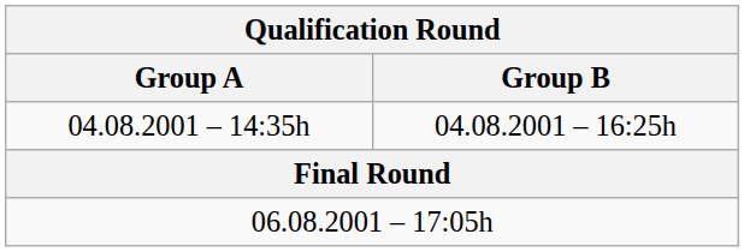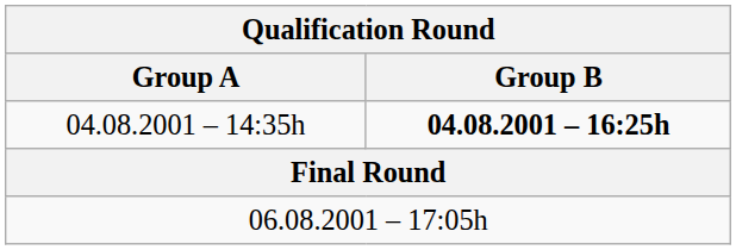 <table class="wikitable" style=" text-align:center; font-size:110%;" width="35%">
 <tr>
 <th colspan="2">Qualification Round</th>
 </tr>
 <tr>
 <th>Group A</th>
 <th>Group B</th>
 </tr>
 <tr>
 <td>04.08.2001 – 14:35h</td>
-<td>04.08.2001 – 16:25h</td>
+<td><strong>04.08.2001 – 16:25h</strong></td>
 </tr>
 <tr>
 <th colspan="2">Final Round</th>
 </tr>
 <tr>
 <td colspan="2">06.08.2001 – 17:05h</td>
 </tr>
 </table>
